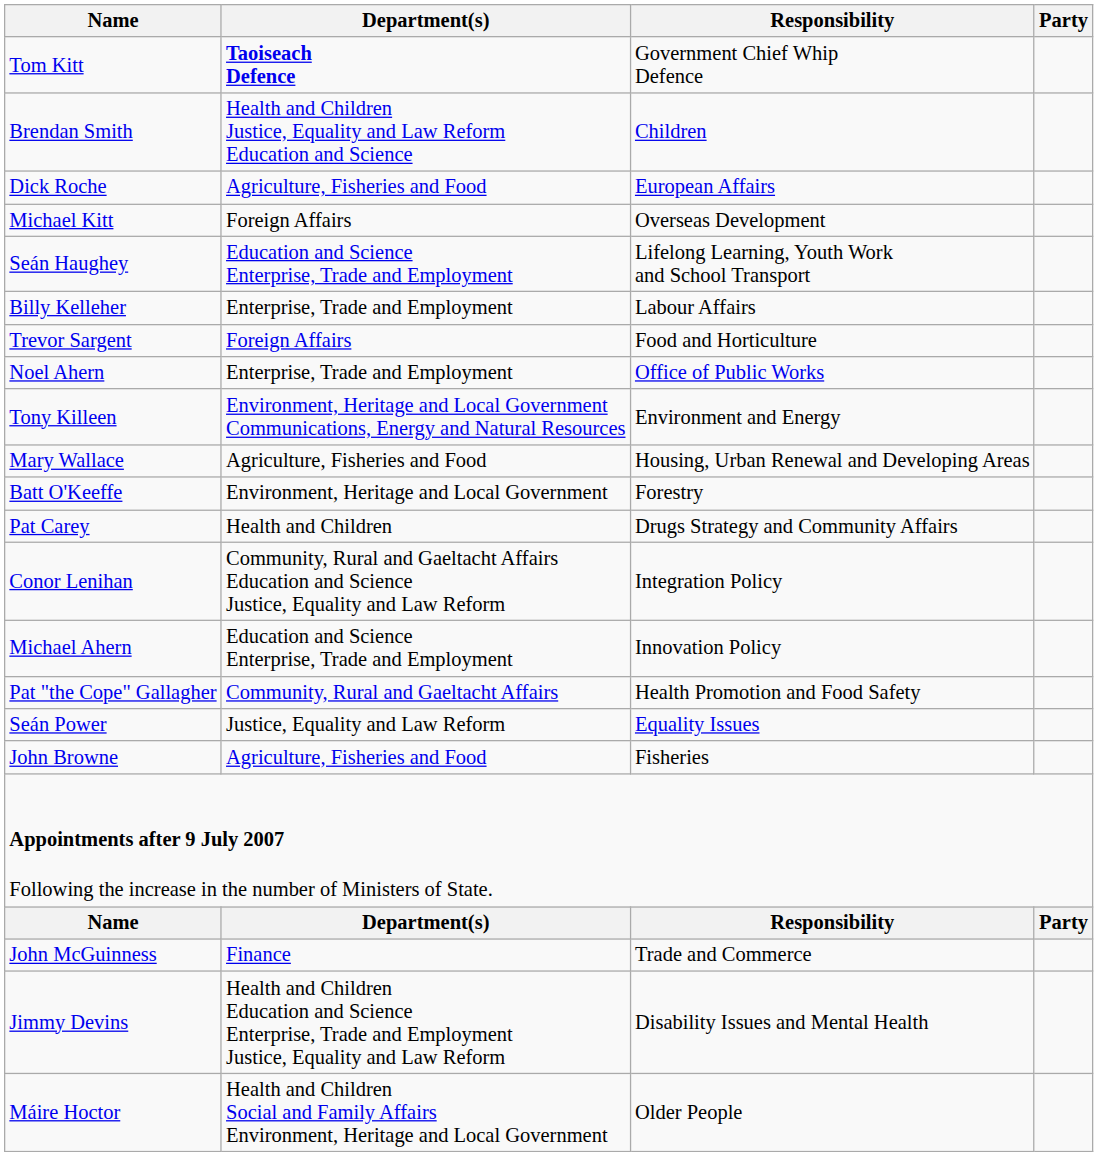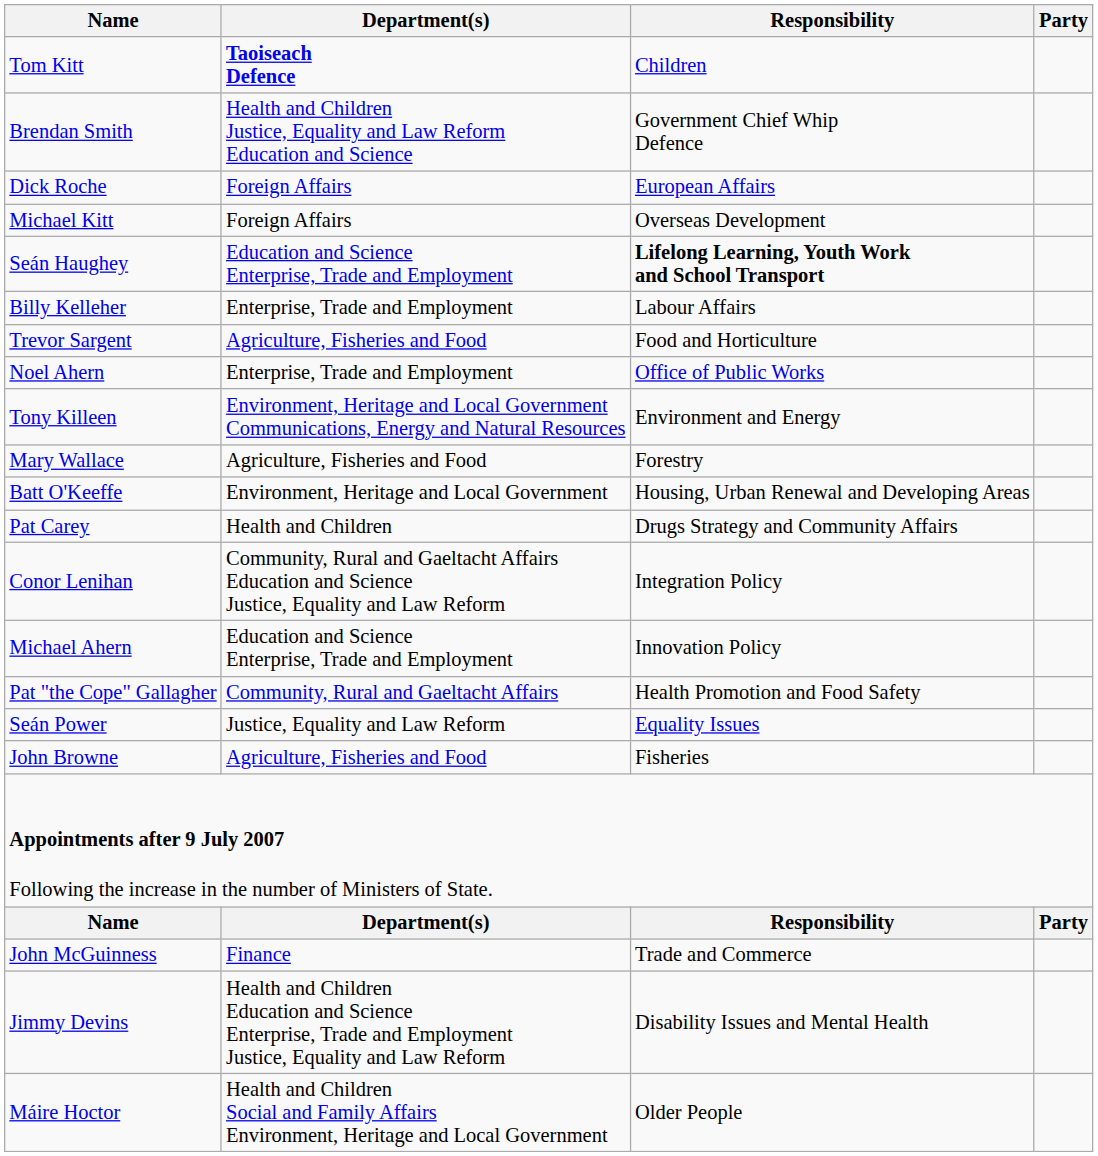 <table class="wikitable">
 <tr>
 <th>Name</th>
 <th>Department(s)</th>
 <th>Responsibility</th>
 <th colspan=2>Party</th>
 </tr>
 <tr>
 <td><a href='#'>Tom Kitt</a><br></td>
 <td><strong><a href='#'>Taoiseach</a><br><a href='#'>Defence</a></strong></td>
-<td>Government Chief Whip<br>Defence</td>
+<td><a href='#'>Children</a></td>
 <td></td>
 </tr>
 <tr>
 <td><a href='#'>Brendan Smith</a><br></td>
 <td><a href='#'>Health and Children</a><br><a href='#'>Justice, Equality and Law Reform</a><br><a href='#'>Education and Science</a></td>
-<td><a href='#'>Children</a></td>
+<td>Government Chief Whip<br>Defence</td>
 <td></td>
 </tr>
 <tr>
 <td><a href='#'>Dick Roche</a></td>
-<td><a href='#'>Agriculture, Fisheries and Food</a></td>
+<td><a href='#'>Foreign Affairs</a></td>
 <td><a href='#'>European Affairs</a></td>
 <td></td>
 </tr>
 <tr>
 <td><a href='#'>Michael Kitt</a></td>
 <td>Foreign Affairs</td>
 <td>Overseas Development</td>
 <td></td>
 </tr>
 <tr>
 <td><a href='#'>Seán Haughey</a></td>
 <td><a href='#'>Education and Science</a><br><a href='#'>Enterprise, Trade and Employment</a></td>
-<td>Lifelong Learning, Youth Work<br>and School Transport</td>
+<td><strong>Lifelong Learning, Youth Work<br>and School Transport</strong></td>
 <td></td>
 </tr>
 <tr>
 <td><a href='#'>Billy Kelleher</a></td>
 <td>Enterprise, Trade and Employment</td>
 <td>Labour Affairs</td>
 <td></td>
 </tr>
 <tr>
 <td><a href='#'>Trevor Sargent</a></td>
-<td><a href='#'>Foreign Affairs</a></td>
+<td><a href='#'>Agriculture, Fisheries and Food</a></td>
 <td>Food and Horticulture</td>
 <td></td>
 </tr>
 <tr>
 <td><a href='#'>Noel Ahern</a></td>
 <td>Enterprise, Trade and Employment</td>
 <td><a href='#'>Office of Public Works</a></td>
 <td></td>
 </tr>
 <tr>
 <td><a href='#'>Tony Killeen</a></td>
 <td><a href='#'>Environment, Heritage and Local Government</a><br><a href='#'>Communications, Energy and Natural Resources</a></td>
 <td>Environment and Energy</td>
 <td></td>
 </tr>
 <tr>
 <td><a href='#'>Mary Wallace</a></td>
 <td>Agriculture, Fisheries and Food</td>
-<td>Housing, Urban Renewal and Developing Areas</td>
+<td>Forestry</td>
 <td></td>
 </tr>
 <tr>
 <td><a href='#'>Batt O'Keeffe</a></td>
 <td>Environment, Heritage and Local Government</td>
-<td>Forestry</td>
+<td>Housing, Urban Renewal and Developing Areas</td>
 <td></td>
 </tr>
 <tr>
 <td><a href='#'>Pat Carey</a></td>
 <td>Health and Children</td>
 <td>Drugs Strategy and Community Affairs</td>
 <td></td>
 </tr>
 <tr>
 <td><a href='#'>Conor Lenihan</a></td>
 <td>Community, Rural and Gaeltacht Affairs<br>Education and Science<br>Justice, Equality and Law Reform</td>
 <td>Integration Policy</td>
 <td></td>
 </tr>
 <tr>
 <td><a href='#'>Michael Ahern</a></td>
 <td>Education and Science<br>Enterprise, Trade and Employment</td>
 <td>Innovation Policy</td>
 <td></td>
 </tr>
 <tr>
 <td><a href='#'>Pat "the Cope" Gallagher</a></td>
 <td><a href='#'>Community, Rural and Gaeltacht Affairs</a></td>
 <td>Health Promotion and Food Safety</td>
 <td></td>
 </tr>
 <tr>
 <td><a href='#'>Seán Power</a></td>
 <td>Justice, Equality and Law Reform</td>
 <td><a href='#'>Equality Issues</a></td>
 <td></td>
 </tr>
 <tr>
 <td><a href='#'>John Browne</a></td>
 <td><a href='#'>Agriculture, Fisheries and Food</a></td>
 <td>Fisheries</td>
 <td></td>
 </tr>
 <tr>
 <td colspan=5><br><h4>Appointments after 9 July 2007</h4>Following the increase in the number of Ministers of State.</td>
 </tr>
 <tr>
 <th>Name</th>
 <th>Department(s)</th>
 <th>Responsibility</th>
 <th colspan=2>Party</th>
 </tr>
 <tr>
 <td><a href='#'>John McGuinness</a></td>
 <td><a href='#'>Finance</a></td>
 <td>Trade and Commerce</td>
 <td></td>
 </tr>
 <tr>
 <td><a href='#'>Jimmy Devins</a></td>
 <td>Health and Children<br>Education and Science<br>Enterprise, Trade and Employment<br>Justice, Equality and Law Reform</td>
 <td>Disability Issues and Mental Health</td>
 <td></td>
 </tr>
 <tr>
 <td><a href='#'>Máire Hoctor</a></td>
 <td>Health and Children<br><a href='#'>Social and Family Affairs</a><br>Environment, Heritage and Local Government</td>
 <td>Older People</td>
 <td></td>
 </tr>
 </table>
